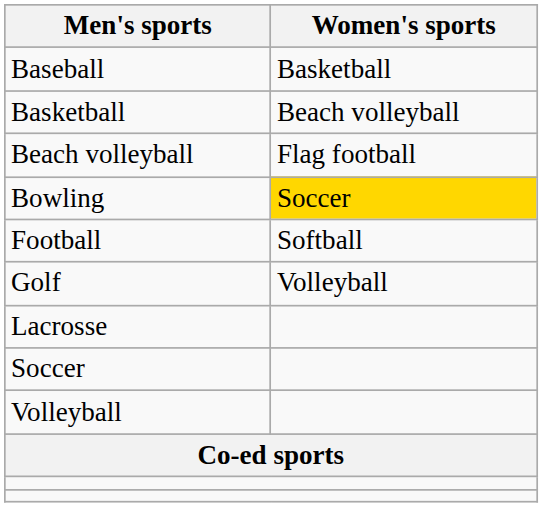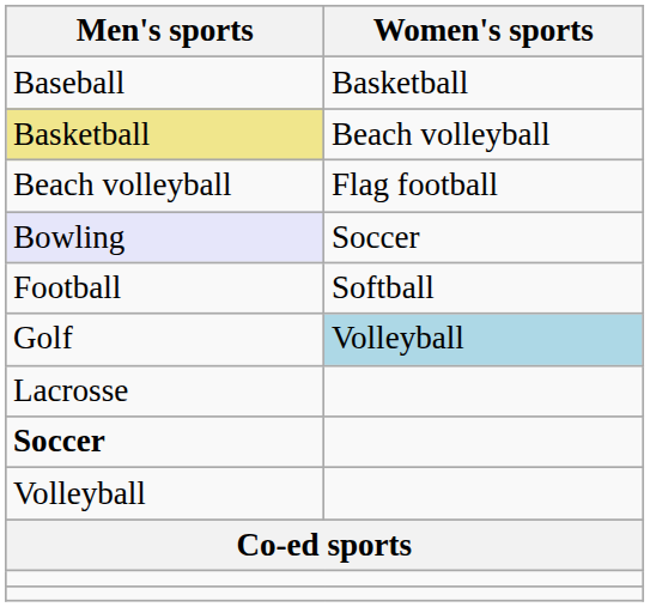 <table class="wikitable"; style= "text-align: ">
 <tr>
 <th width=150px>Men's sports</th>
 <th width=150px>Women's sports</th>
 </tr>
 <tr>
 <td>Baseball</td>
 <td>Basketball</td>
 </tr>
 <tr>
-<td>Basketball</td>
+<td style="background: khaki;">Basketball</td>
 <td>Beach volleyball</td>
 </tr>
 <tr>
 <td>Beach volleyball</td>
 <td>Flag football</td>
 </tr>
 <tr>
-<td>Bowling</td>
-<td style="background: gold;">Soccer</td>
+<td style="background: lavender;">Bowling</td>
+<td>Soccer</td>
 </tr>
 <tr>
 <td>Football</td>
 <td>Softball</td>
 </tr>
 <tr>
 <td>Golf</td>
-<td>Volleyball</td>
+<td style="background: lightblue;">Volleyball</td>
 </tr>
 <tr>
 <td>Lacrosse</td>
 <td></td>
 </tr>
 <tr>
-<td>Soccer</td>
+<td><strong>Soccer</strong></td>
 <td></td>
 </tr>
 <tr>
 <td>Volleyball</td>
 <td></td>
 </tr>
 <tr>
 <th colspan=2>Co-ed sports</th>
 </tr>
 <tr>
 <td colspan=2></td>
 </tr>
 <tr>
 <td colspan=2></td>
 </tr>
 </table>
